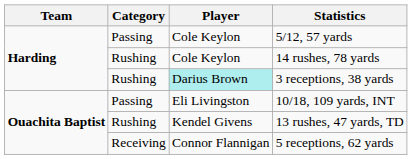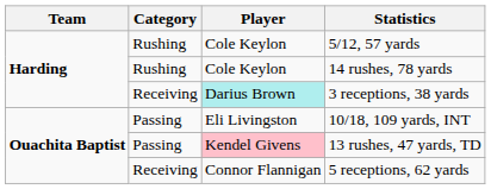 <table class="wikitable" style="float: right;">
 <tr>
 <th>Team</th>
 <th>Category</th>
 <th>Player</th>
 <th>Statistics</th>
 </tr>
 <tr>
 <td rowspan=3><strong>Harding</strong></td>
-<td>Passing</td>
+<td>Rushing</td>
 <td>Cole Keylon</td>
 <td>5/12, 57 yards</td>
 </tr>
 <tr>
 <td>Rushing</td>
 <td>Cole Keylon</td>
 <td>14 rushes, 78 yards</td>
 </tr>
 <tr>
-<td>Rushing</td>
+<td>Receiving</td>
 <td style="background: paleturquoise;">Darius Brown</td>
 <td>3 receptions, 38 yards</td>
 </tr>
 <tr>
 <td rowspan=3><strong>Ouachita Baptist</strong></td>
 <td>Passing</td>
 <td>Eli Livingston</td>
 <td>10/18, 109 yards, INT</td>
 </tr>
 <tr>
-<td>Rushing</td>
-<td>Kendel Givens</td>
+<td>Passing</td>
+<td style="background: pink;">Kendel Givens</td>
 <td>13 rushes, 47 yards, TD</td>
 </tr>
 <tr>
 <td>Receiving</td>
 <td>Connor Flannigan</td>
 <td>5 receptions, 62 yards</td>
 </tr>
 </table>
